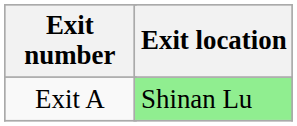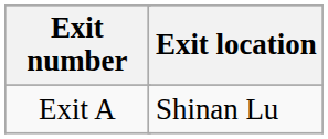 <table class="wikitable">
 <tr>
 <th style="width:70px" colspan="2">Exit number</th>
 <th>Exit location</th>
 </tr>
 <tr>
 <td align="center" colspan="2">Exit A</td>
-<td style="background: lightgreen;">Shinan Lu</td>
+<td>Shinan Lu</td>
 </tr>
 </table>
